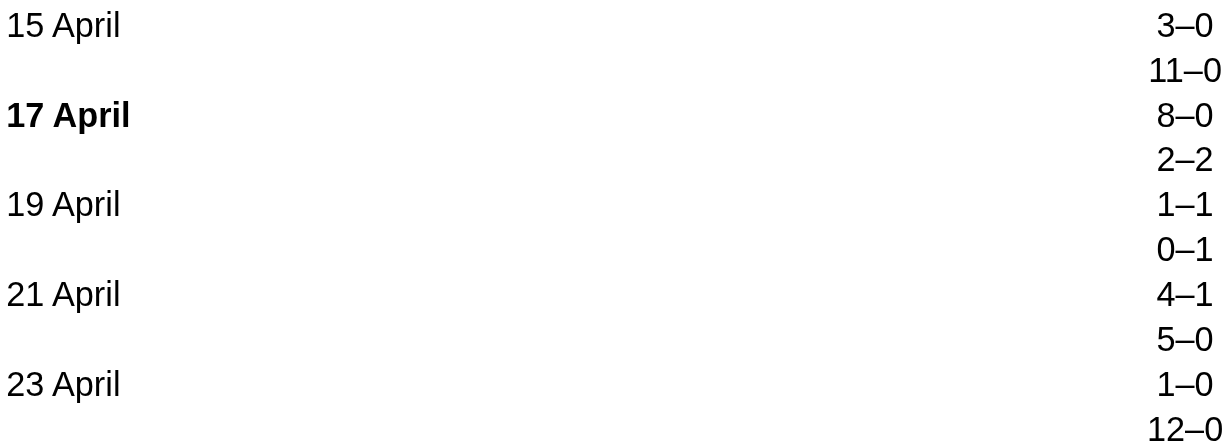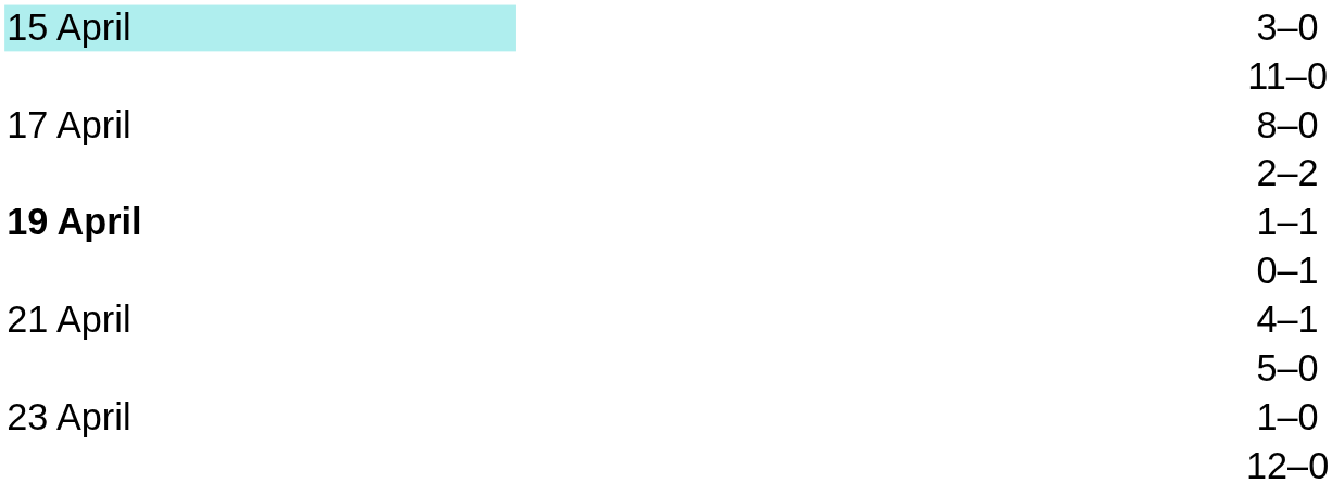 <table cellspacing=1 width=70%>
 <tr>
 <th width=25%></th>
 <th width=30%></th>
 <th width=15%></th>
 <th width=30%></th>
 </tr>
 <tr>
-<td>15 April</td>
+<td style="background: paleturquoise;">15 April</td>
 <td align=right></td>
 <td align=center>3–0</td>
 <td></td>
 </tr>
 <tr>
 <td></td>
 <td align=right></td>
 <td align=center>11–0</td>
 <td></td>
 </tr>
 <tr>
-<td><strong>17 April</strong></td>
+<td>17 April</td>
 <td align=right></td>
 <td align=center>8–0</td>
 <td></td>
 </tr>
 <tr>
 <td></td>
 <td align=right></td>
 <td align=center>2–2</td>
 <td></td>
 </tr>
 <tr>
-<td>19 April</td>
+<td><strong>19 April</strong></td>
 <td align=right></td>
 <td align=center>1–1</td>
 <td></td>
 </tr>
 <tr>
 <td></td>
 <td align=right></td>
 <td align=center>0–1</td>
 <td></td>
 </tr>
 <tr>
 <td>21 April</td>
 <td align=right></td>
 <td align=center>4–1</td>
 <td></td>
 </tr>
 <tr>
 <td></td>
 <td align=right></td>
 <td align=center>5–0</td>
 <td></td>
 </tr>
 <tr>
 <td>23 April</td>
 <td align=right></td>
 <td align=center>1–0</td>
 <td></td>
 </tr>
 <tr>
 <td></td>
 <td align=right></td>
 <td align=center>12–0</td>
 <td></td>
 </tr>
 </table>
